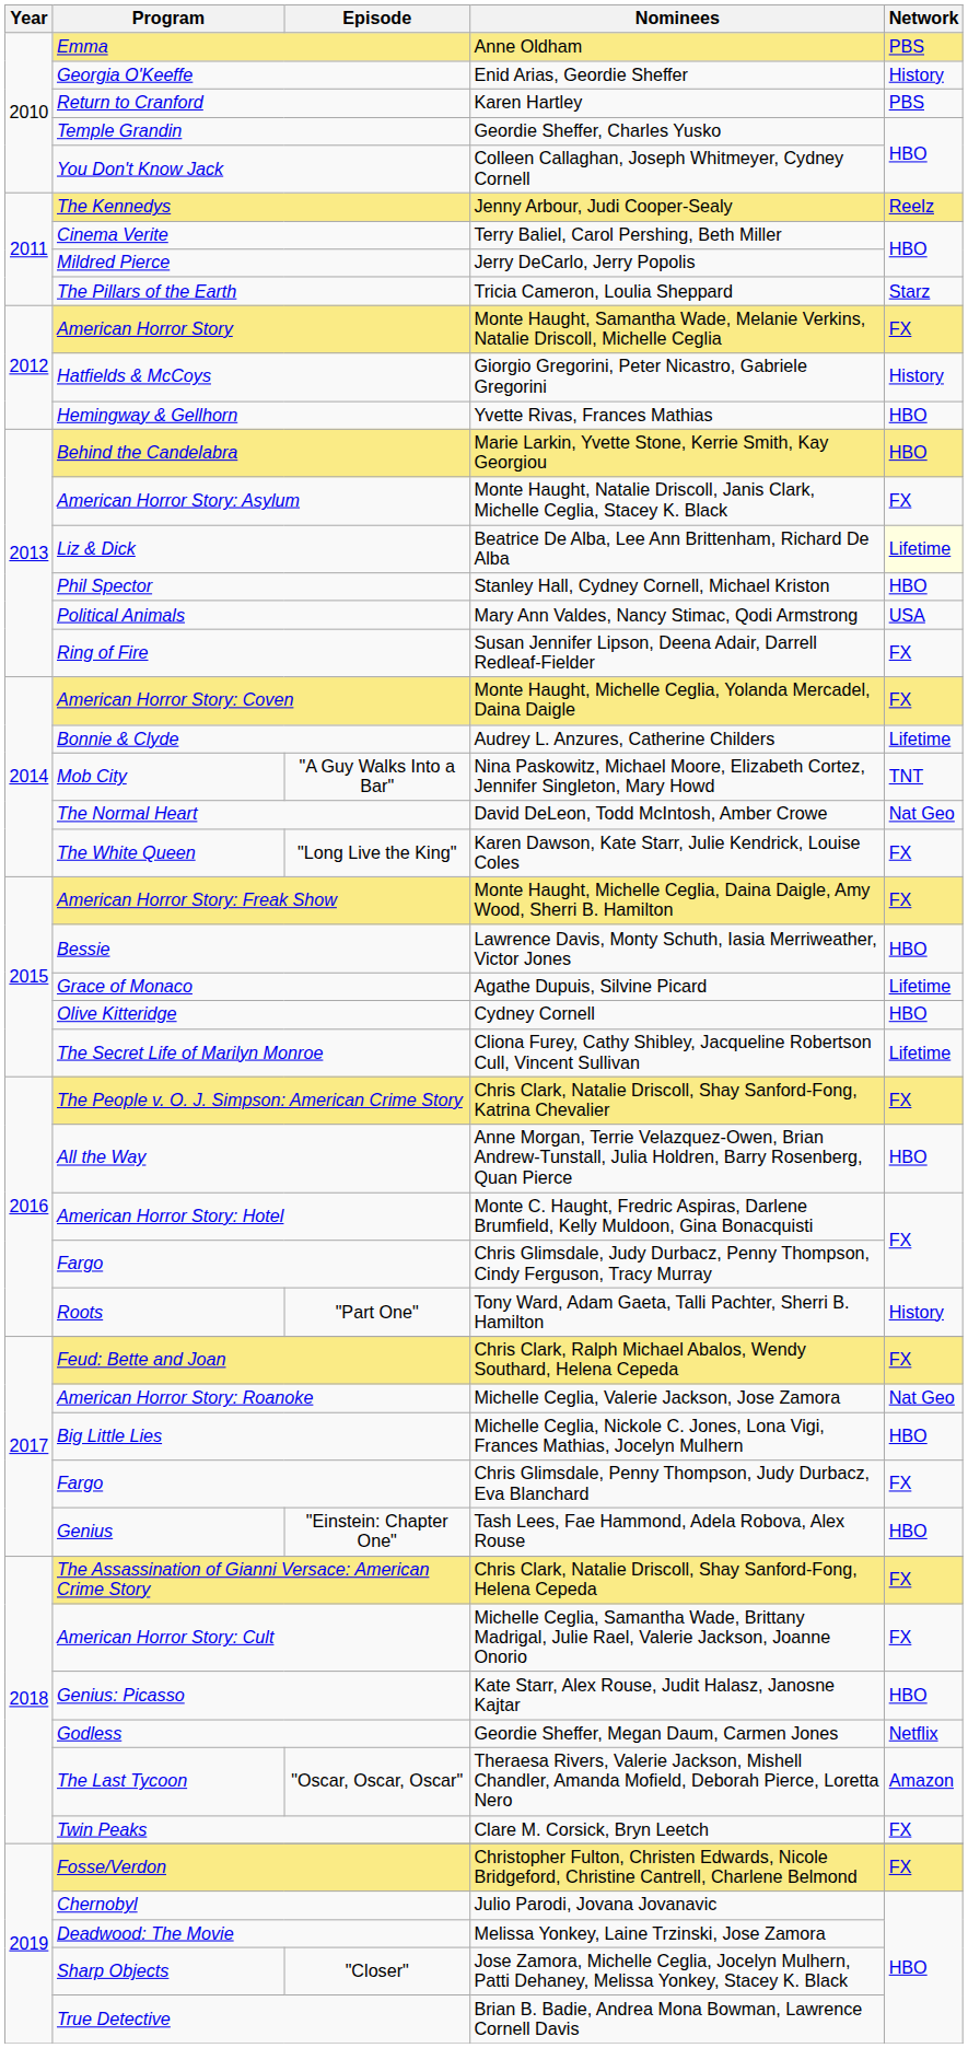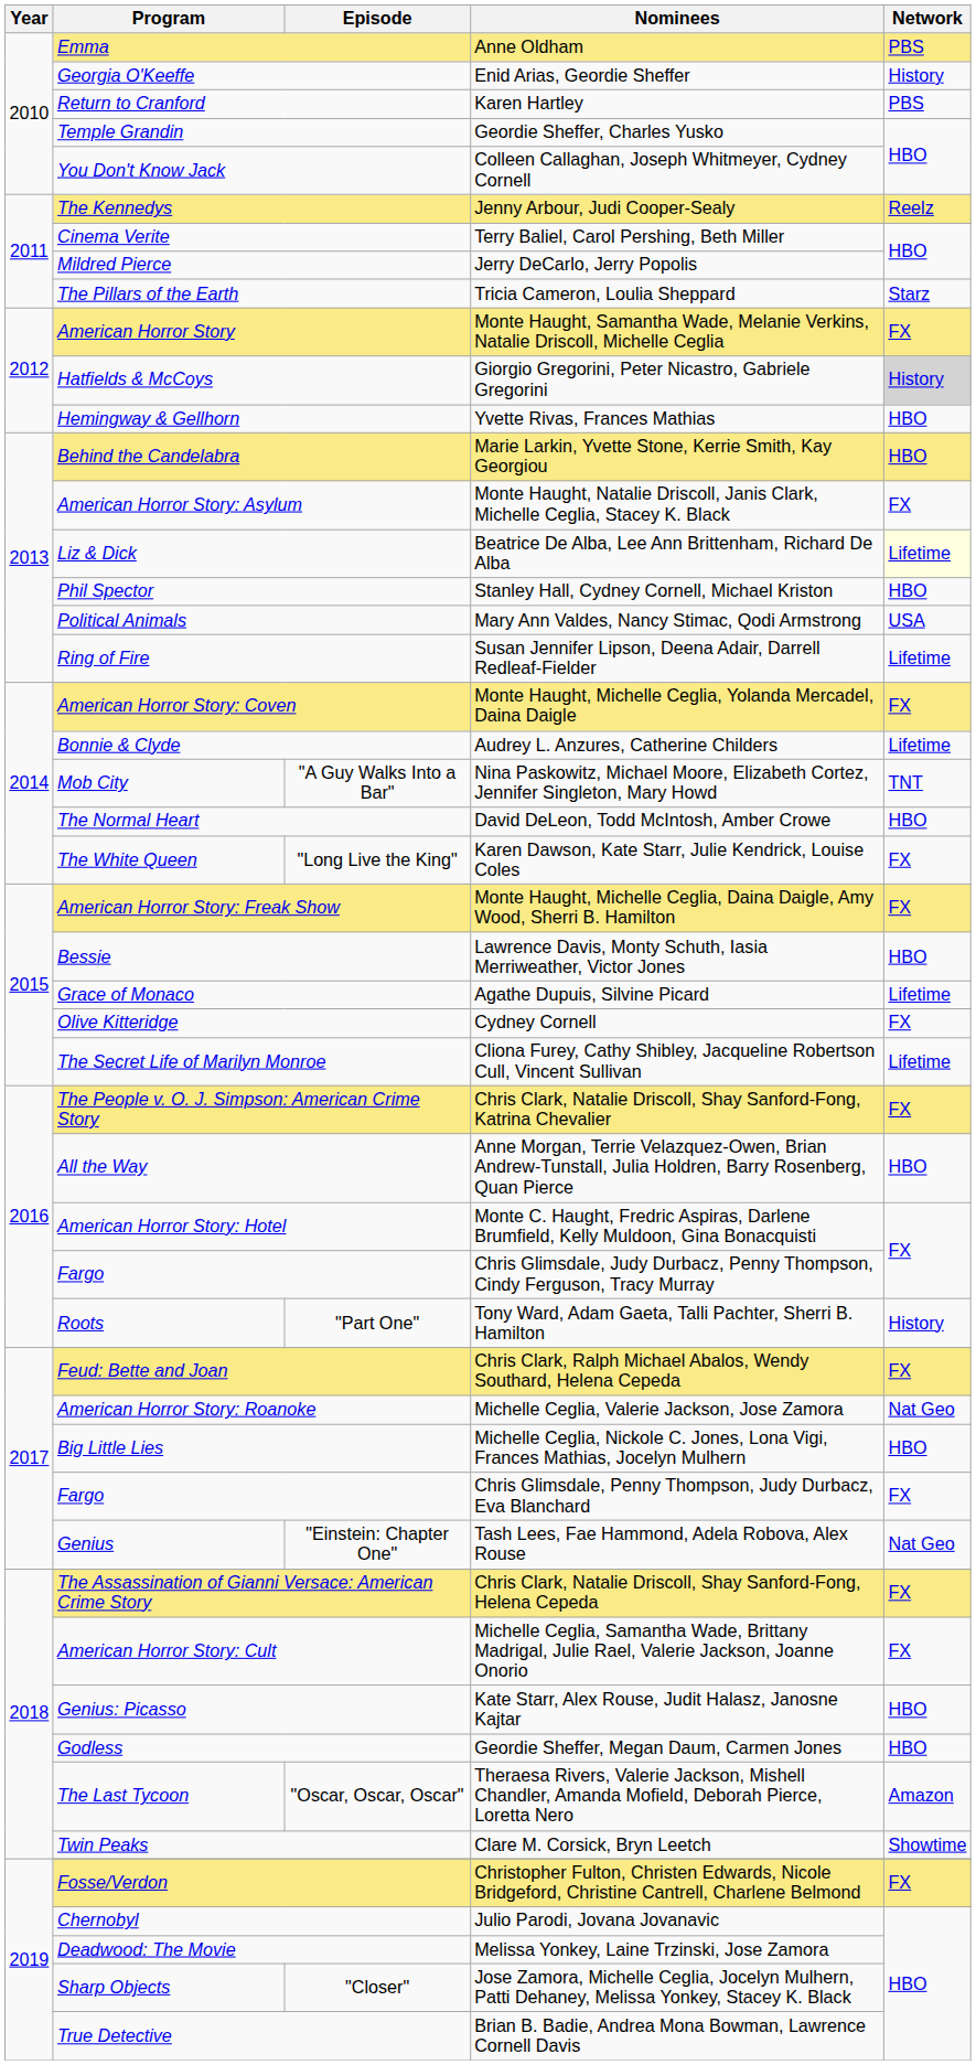 <table class="wikitable">
 <tr>
 <th width="5%">Year</th>
 <th width="25%">Program</th>
 <th width="20%">Episode</th>
 <th width="45%">Nominees</th>
 <th width="5%">Network</th>
 </tr>
 <tr>
 <td rowspan="5" style="text-align:center;">2010<br></td>
 <td style="background:#FAEB86;" colspan=2><em><a href='#'>Emma</a></em></td>
 <td style="background:#FAEB86;">Anne Oldham</td>
 <td style="background:#FAEB86;"><a href='#'>PBS</a></td>
 </tr>
 <tr>
 <td colspan=2><em><a href='#'>Georgia O'Keeffe</a></em></td>
 <td>Enid Arias, Geordie Sheffer</td>
 <td><a href='#'>History</a></td>
 </tr>
 <tr>
 <td colspan=2><em><a href='#'>Return to Cranford</a></em></td>
 <td>Karen Hartley</td>
 <td><a href='#'>PBS</a></td>
 </tr>
 <tr>
 <td colspan=2><em><a href='#'>Temple Grandin</a></em></td>
 <td>Geordie Sheffer, Charles Yusko</td>
 <td rowspan=2><a href='#'>HBO</a></td>
 </tr>
 <tr>
 <td colspan=2><em><a href='#'>You Don't Know Jack</a></em></td>
 <td>Colleen Callaghan, Joseph Whitmeyer, Cydney Cornell</td>
 </tr>
 <tr>
 <td rowspan="4" style="text-align:center;"><a href='#'>2011</a><br></td>
 <td style="background:#FAEB86;" colspan=2><em><a href='#'>The Kennedys</a></em></td>
 <td style="background:#FAEB86;">Jenny Arbour, Judi Cooper-Sealy</td>
 <td style="background:#FAEB86;"><a href='#'>Reelz</a></td>
 </tr>
 <tr>
 <td colspan=2><em><a href='#'>Cinema Verite</a></em></td>
 <td>Terry Baliel, Carol Pershing, Beth Miller</td>
 <td rowspan=2><a href='#'>HBO</a></td>
 </tr>
 <tr>
 <td colspan=2><em><a href='#'>Mildred Pierce</a></em></td>
 <td>Jerry DeCarlo, Jerry Popolis</td>
 </tr>
 <tr>
 <td colspan=2><em><a href='#'>The Pillars of the Earth</a></em></td>
 <td>Tricia Cameron, Loulia Sheppard</td>
 <td><a href='#'>Starz</a></td>
 </tr>
 <tr>
 <td rowspan="3" style="text-align:center;"><a href='#'>2012</a><br></td>
 <td style="background:#FAEB86;" colspan=2><em><a href='#'>American Horror Story</a></em></td>
 <td style="background:#FAEB86;">Monte Haught, Samantha Wade, Melanie Verkins, Natalie Driscoll, Michelle Ceglia</td>
 <td style="background:#FAEB86;"><a href='#'>FX</a></td>
 </tr>
 <tr>
 <td colspan=2><em><a href='#'>Hatfields & McCoys</a></em></td>
 <td>Giorgio Gregorini, Peter Nicastro, Gabriele Gregorini</td>
-<td><a href='#'>History</a></td>
+<td style="background: lightgrey;"><a href='#'>History</a></td>
 </tr>
 <tr>
 <td colspan=2><em><a href='#'>Hemingway & Gellhorn</a></em></td>
 <td>Yvette Rivas, Frances Mathias</td>
 <td><a href='#'>HBO</a></td>
 </tr>
 <tr>
 <td rowspan="6" style="text-align:center;"><a href='#'>2013</a><br></td>
 <td style="background:#FAEB86;" colspan=2><em><a href='#'>Behind the Candelabra</a></em></td>
 <td style="background:#FAEB86;">Marie Larkin, Yvette Stone, Kerrie Smith, Kay Georgiou</td>
 <td style="background:#FAEB86;"><a href='#'>HBO</a></td>
 </tr>
 <tr>
 <td colspan=2><em><a href='#'>American Horror Story: Asylum</a></em></td>
 <td>Monte Haught, Natalie Driscoll, Janis Clark, Michelle Ceglia, Stacey K. Black</td>
 <td><a href='#'>FX</a></td>
 </tr>
 <tr>
 <td colspan=2><em><a href='#'>Liz & Dick</a></em></td>
 <td>Beatrice De Alba, Lee Ann Brittenham, Richard De Alba</td>
 <td style="background: lightyellow;"><a href='#'>Lifetime</a></td>
 </tr>
 <tr>
 <td colspan=2><em><a href='#'>Phil Spector</a></em></td>
 <td>Stanley Hall, Cydney Cornell, Michael Kriston</td>
 <td><a href='#'>HBO</a></td>
 </tr>
 <tr>
 <td colspan=2><em><a href='#'>Political Animals</a></em></td>
 <td>Mary Ann Valdes, Nancy Stimac, Qodi Armstrong</td>
 <td><a href='#'>USA</a></td>
 </tr>
 <tr>
 <td colspan=2><em><a href='#'>Ring of Fire</a></em></td>
 <td>Susan Jennifer Lipson, Deena Adair, Darrell Redleaf-Fielder</td>
-<td><a href='#'>FX</a></td>
+<td><a href='#'>Lifetime</a></td>
 </tr>
 <tr>
 <td rowspan="5" style="text-align:center;"><a href='#'>2014</a><br></td>
 <td style="background:#FAEB86;" colspan=2><em><a href='#'>American Horror Story: Coven</a></em></td>
 <td style="background:#FAEB86;">Monte Haught, Michelle Ceglia, Yolanda Mercadel, Daina Daigle</td>
 <td style="background:#FAEB86;"><a href='#'>FX</a></td>
 </tr>
 <tr>
 <td colspan=2><em><a href='#'>Bonnie & Clyde</a></em></td>
 <td>Audrey L. Anzures, Catherine Childers</td>
 <td><a href='#'>Lifetime</a></td>
 </tr>
 <tr>
 <td><em><a href='#'>Mob City</a></em></td>
 <td align=center>"A Guy Walks Into a Bar"</td>
 <td>Nina Paskowitz, Michael Moore, Elizabeth Cortez, Jennifer Singleton, Mary Howd</td>
 <td><a href='#'>TNT</a></td>
 </tr>
 <tr>
 <td colspan=2><em><a href='#'>The Normal Heart</a></em></td>
 <td>David DeLeon, Todd McIntosh, Amber Crowe</td>
-<td><a href='#'>Nat Geo</a></td>
+<td><a href='#'>HBO</a></td>
 </tr>
 <tr>
 <td><em><a href='#'>The White Queen</a></em></td>
 <td align=center>"Long Live the King"</td>
 <td>Karen Dawson, Kate Starr, Julie Kendrick, Louise Coles</td>
 <td><a href='#'>FX</a></td>
 </tr>
 <tr>
 <td rowspan="5" style="text-align:center;"><a href='#'>2015</a><br></td>
 <td style="background:#FAEB86;" colspan=2><em><a href='#'>American Horror Story: Freak Show</a></em></td>
 <td style="background:#FAEB86;">Monte Haught, Michelle Ceglia, Daina Daigle, Amy Wood, Sherri B. Hamilton</td>
 <td style="background:#FAEB86;"><a href='#'>FX</a></td>
 </tr>
 <tr>
 <td colspan=2><em><a href='#'>Bessie</a></em></td>
 <td>Lawrence Davis, Monty Schuth, Iasia Merriweather, Victor Jones</td>
 <td><a href='#'>HBO</a></td>
 </tr>
 <tr>
 <td colspan=2><em><a href='#'>Grace of Monaco</a></em></td>
 <td>Agathe Dupuis, Silvine Picard</td>
 <td><a href='#'>Lifetime</a></td>
 </tr>
 <tr>
 <td colspan=2><em><a href='#'>Olive Kitteridge</a></em></td>
 <td>Cydney Cornell</td>
-<td><a href='#'>HBO</a></td>
+<td><a href='#'>FX</a></td>
 </tr>
 <tr>
 <td colspan=2><em><a href='#'>The Secret Life of Marilyn Monroe</a></em></td>
 <td>Cliona Furey, Cathy Shibley, Jacqueline Robertson Cull, Vincent Sullivan</td>
 <td><a href='#'>Lifetime</a></td>
 </tr>
 <tr>
 <td rowspan="5" style="text-align:center;"><a href='#'>2016</a><br></td>
 <td style="background:#FAEB86;" colspan=2><em><a href='#'>The People v. O. J. Simpson: American Crime Story</a></em></td>
 <td style="background:#FAEB86;">Chris Clark, Natalie Driscoll, Shay Sanford-Fong, Katrina Chevalier</td>
 <td style="background:#FAEB86;"><a href='#'>FX</a></td>
 </tr>
 <tr>
 <td colspan=2><em><a href='#'>All the Way</a></em></td>
 <td>Anne Morgan, Terrie Velazquez-Owen, Brian Andrew-Tunstall, Julia Holdren, Barry Rosenberg, Quan Pierce</td>
 <td><a href='#'>HBO</a></td>
 </tr>
 <tr>
 <td colspan=2><em><a href='#'>American Horror Story: Hotel</a></em></td>
 <td>Monte C. Haught, Fredric Aspiras, Darlene Brumfield, Kelly Muldoon, Gina Bonacquisti</td>
 <td rowspan=2><a href='#'>FX</a></td>
 </tr>
 <tr>
 <td colspan=2><em><a href='#'>Fargo</a></em></td>
 <td>Chris Glimsdale, Judy Durbacz, Penny Thompson, Cindy Ferguson, Tracy Murray</td>
 </tr>
 <tr>
 <td><em><a href='#'>Roots</a></em></td>
 <td align=center>"Part One"</td>
 <td>Tony Ward, Adam Gaeta, Talli Pachter, Sherri B. Hamilton</td>
 <td><a href='#'>History</a></td>
 </tr>
 <tr>
 <td rowspan="6" style="text-align:center;"><a href='#'>2017</a><br></td>
 </tr>
 <tr style="background:#FAEB86;">
 <td colspan=2><em><a href='#'>Feud: Bette and Joan</a></em></td>
 <td>Chris Clark, Ralph Michael Abalos, Wendy Southard, Helena Cepeda</td>
 <td><a href='#'>FX</a></td>
 </tr>
 <tr>
 <td colspan=2><em><a href='#'>American Horror Story: Roanoke</a></em></td>
 <td>Michelle Ceglia, Valerie Jackson, Jose Zamora</td>
 <td><a href='#'>Nat Geo</a></td>
 </tr>
 <tr>
 <td colspan=2><em><a href='#'>Big Little Lies</a></em></td>
 <td>Michelle Ceglia, Nickole C. Jones, Lona Vigi, Frances Mathias, Jocelyn Mulhern</td>
 <td><a href='#'>HBO</a></td>
 </tr>
 <tr>
 <td colspan=2><em><a href='#'>Fargo</a></em></td>
 <td>Chris Glimsdale, Penny Thompson, Judy Durbacz, Eva Blanchard</td>
 <td><a href='#'>FX</a></td>
 </tr>
 <tr>
 <td><em><a href='#'>Genius</a></em></td>
 <td align=center>"Einstein: Chapter One"</td>
 <td>Tash Lees, Fae Hammond, Adela Robova, Alex Rouse</td>
-<td><a href='#'>HBO</a></td>
+<td><a href='#'>Nat Geo</a></td>
 </tr>
 <tr>
 <td rowspan="7" style="text-align:center;"><a href='#'>2018</a><br></td>
 </tr>
 <tr style="background:#FAEB86;">
 <td colspan=2><em><a href='#'>The Assassination of Gianni Versace: American Crime Story</a></em></td>
 <td>Chris Clark, Natalie Driscoll, Shay Sanford-Fong, Helena Cepeda</td>
 <td><a href='#'>FX</a></td>
 </tr>
 <tr>
 <td colspan=2><em><a href='#'>American Horror Story: Cult</a></em></td>
 <td>Michelle Ceglia, Samantha Wade, Brittany Madrigal, Julie Rael, Valerie Jackson, Joanne Onorio</td>
 <td><a href='#'>FX</a></td>
 </tr>
 <tr>
 <td colspan=2><em><a href='#'>Genius: Picasso</a></em></td>
 <td>Kate Starr, Alex Rouse, Judit Halasz, Janosne Kajtar</td>
 <td><a href='#'>HBO</a></td>
 </tr>
 <tr>
 <td colspan=2><em><a href='#'>Godless</a></em></td>
 <td>Geordie Sheffer, Megan Daum, Carmen Jones</td>
-<td><a href='#'>Netflix</a></td>
+<td><a href='#'>HBO</a></td>
 </tr>
 <tr>
 <td><em><a href='#'>The Last Tycoon</a></em></td>
 <td align=center>"Oscar, Oscar, Oscar"</td>
 <td>Theraesa Rivers, Valerie Jackson, Mishell Chandler, Amanda Mofield, Deborah Pierce, Loretta Nero</td>
 <td><a href='#'>Amazon</a></td>
 </tr>
 <tr>
 <td colspan=2><em><a href='#'>Twin Peaks</a></em></td>
 <td>Clare M. Corsick, Bryn Leetch</td>
-<td><a href='#'>FX</a></td>
+<td><a href='#'>Showtime</a></td>
 </tr>
 <tr>
 <td rowspan="7" style="text-align:center;"><a href='#'>2019</a><br></td>
 </tr>
 <tr style="background:#FAEB86;">
 <td colspan=2><em><a href='#'>Fosse/Verdon</a></em></td>
 <td>Christopher Fulton, Christen Edwards, Nicole Bridgeford, Christine Cantrell, Charlene Belmond</td>
 <td><a href='#'>FX</a></td>
 </tr>
 <tr>
 <td colspan=2><em><a href='#'>Chernobyl</a></em></td>
 <td>Julio Parodi, Jovana Jovanavic</td>
 <td rowspan="4"><a href='#'>HBO</a></td>
 </tr>
 <tr>
 <td colspan=2><em><a href='#'>Deadwood: The Movie</a></em></td>
 <td>Melissa Yonkey, Laine Trzinski, Jose Zamora</td>
 </tr>
 <tr>
 <td><em><a href='#'>Sharp Objects</a></em></td>
 <td align=center>"Closer"</td>
 <td>Jose Zamora, Michelle Ceglia, Jocelyn Mulhern, Patti Dehaney, Melissa Yonkey, Stacey K. Black</td>
 </tr>
 <tr>
 <td colspan=2><em><a href='#'>True Detective</a></em></td>
 <td>Brian B. Badie, Andrea Mona Bowman, Lawrence Cornell Davis</td>
 </tr>
 </table>
